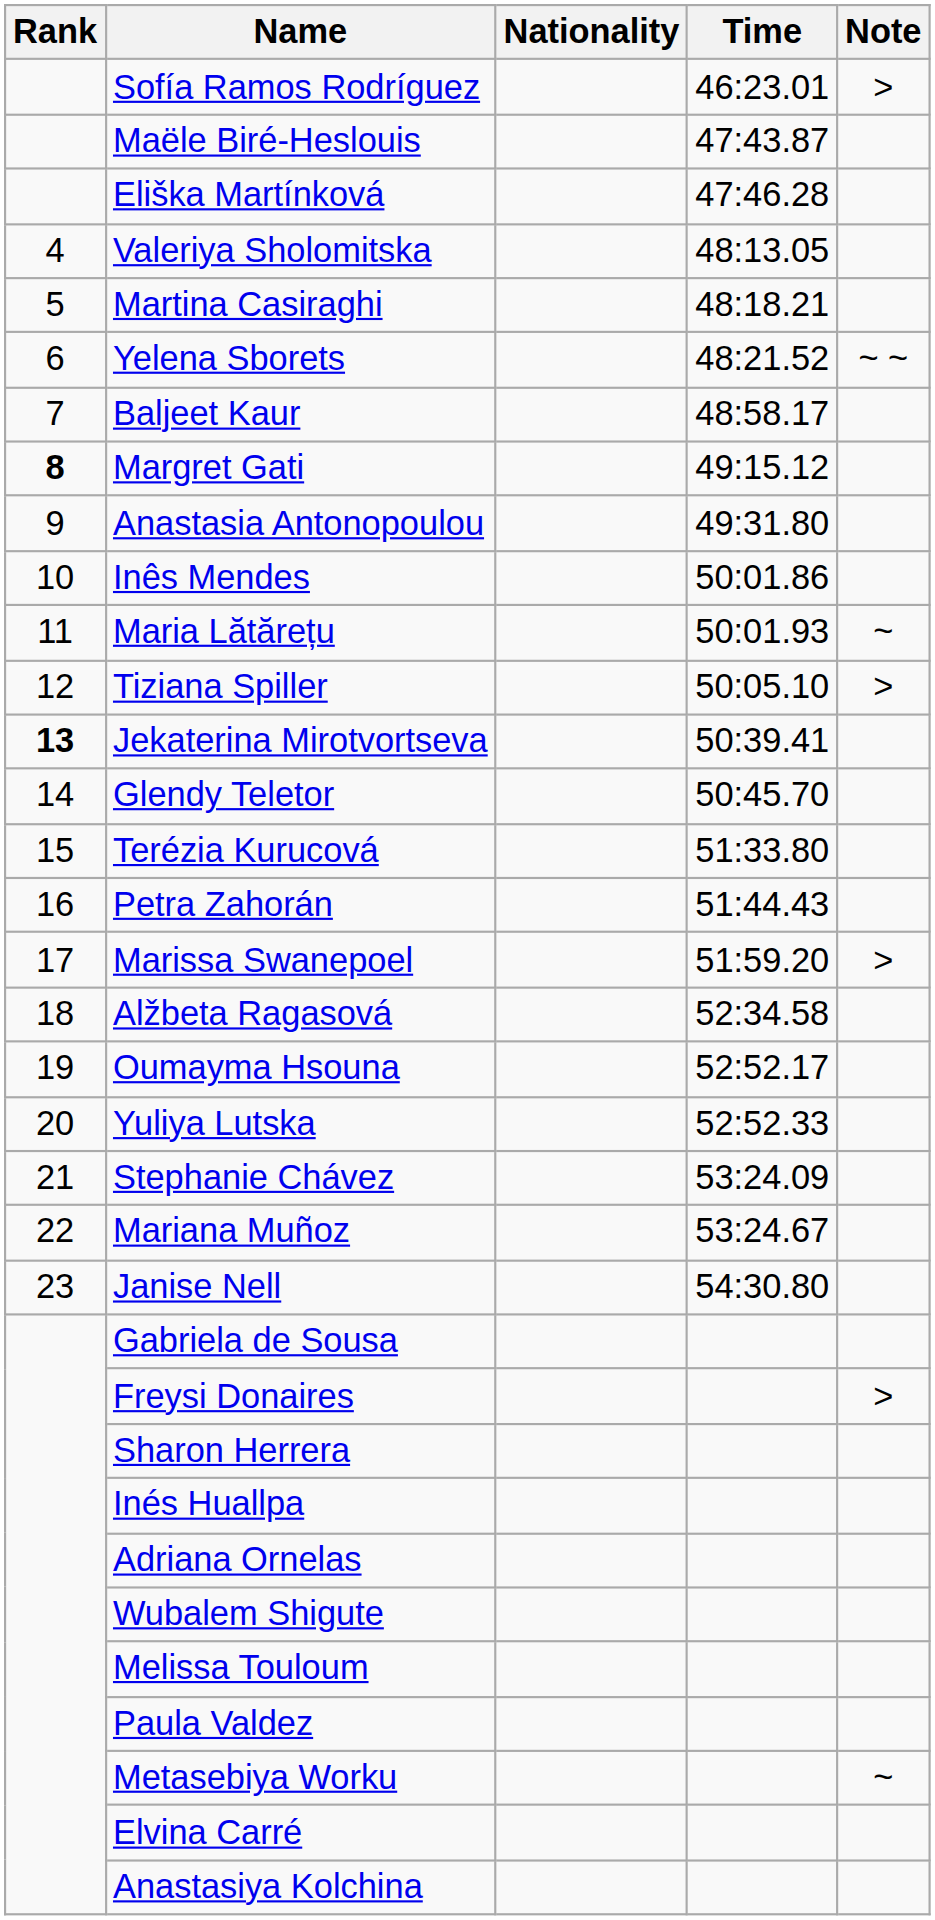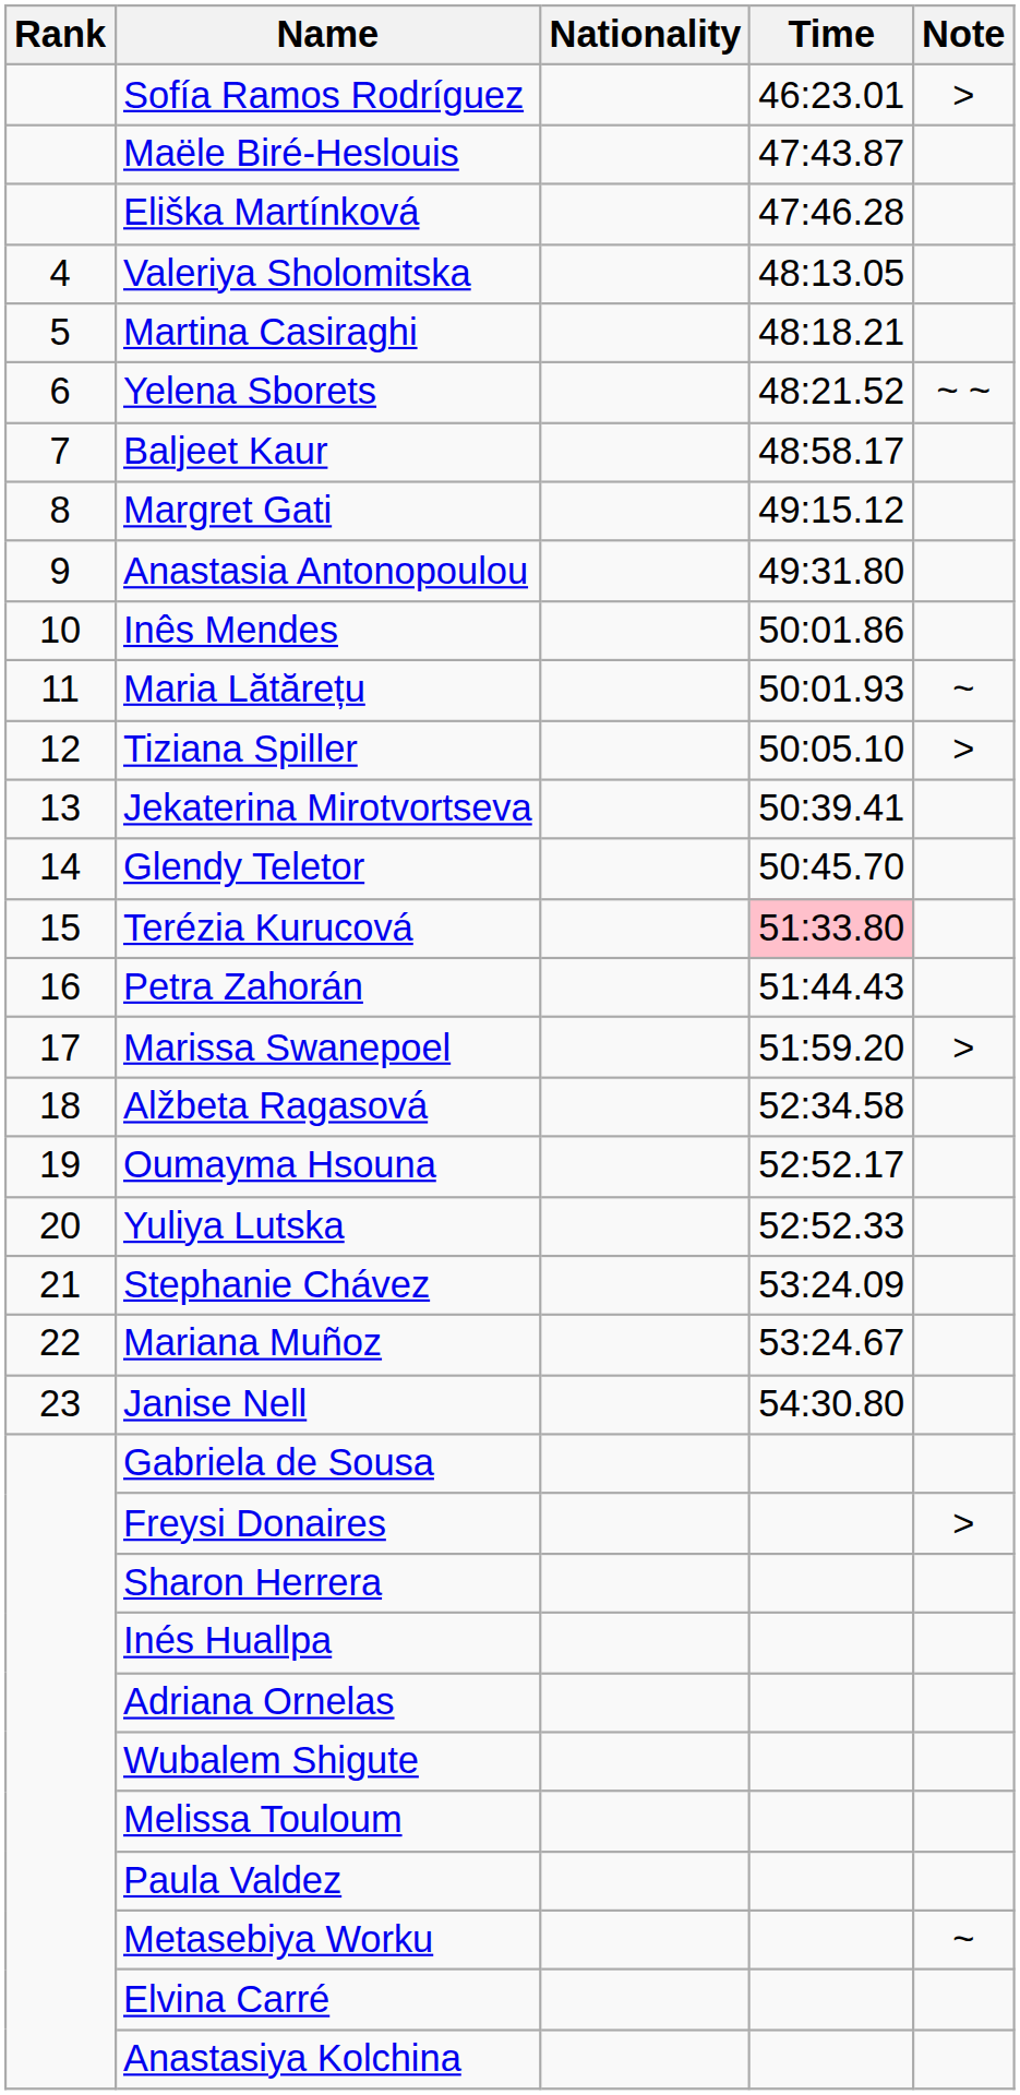 <table class="wikitable sortable" style="text-align:center">
 <tr>
 <th>Rank</th>
 <th>Name</th>
 <th>Nationality</th>
 <th>Time</th>
 <th>Note</th>
 </tr>
 <tr>
 <td></td>
 <td align=left><a href='#'>Sofía Ramos Rodríguez</a></td>
 <td align=left></td>
 <td>46:23.01</td>
 <td>></td>
 </tr>
 <tr>
 <td></td>
 <td align=left><a href='#'>Maële Biré-Heslouis</a></td>
 <td align=left></td>
 <td>47:43.87</td>
 <td></td>
 </tr>
 <tr>
 <td></td>
 <td align=left><a href='#'>Eliška Martínková</a></td>
 <td align=left></td>
 <td>47:46.28</td>
 <td></td>
 </tr>
 <tr>
 <td>4</td>
 <td align=left><a href='#'>Valeriya Sholomitska</a></td>
 <td align=left></td>
 <td>48:13.05</td>
 <td></td>
 </tr>
 <tr>
 <td>5</td>
 <td align=left><a href='#'>Martina Casiraghi</a></td>
 <td align=left></td>
 <td>48:18.21</td>
 <td></td>
 </tr>
 <tr>
 <td>6</td>
 <td align=left><a href='#'>Yelena Sborets</a></td>
 <td align=left></td>
 <td>48:21.52</td>
 <td>~ ~ </td>
 </tr>
 <tr>
 <td>7</td>
 <td align=left><a href='#'>Baljeet Kaur</a></td>
 <td align=left></td>
 <td>48:58.17</td>
 <td></td>
 </tr>
 <tr>
-<td><strong>8</strong></td>
+<td>8</td>
 <td align=left><a href='#'>Margret Gati</a></td>
 <td align=left></td>
 <td>49:15.12</td>
 <td></td>
 </tr>
 <tr>
 <td>9</td>
 <td align=left><a href='#'>Anastasia Antonopoulou</a></td>
 <td align=left></td>
 <td>49:31.80</td>
 <td></td>
 </tr>
 <tr>
 <td>10</td>
 <td align=left><a href='#'>Inês Mendes</a></td>
 <td align=left></td>
 <td>50:01.86</td>
 <td></td>
 </tr>
 <tr>
 <td>11</td>
 <td align=left><a href='#'>Maria Lătărețu</a></td>
 <td align=left></td>
 <td>50:01.93</td>
 <td>~</td>
 </tr>
 <tr>
 <td>12</td>
 <td align=left><a href='#'>Tiziana Spiller</a></td>
 <td align=left></td>
 <td>50:05.10</td>
 <td>></td>
 </tr>
 <tr>
-<td><strong>13</strong></td>
+<td>13</td>
 <td align=left><a href='#'>Jekaterina Mirotvortseva</a></td>
 <td align=left></td>
 <td>50:39.41</td>
 <td></td>
 </tr>
 <tr>
 <td>14</td>
 <td align=left><a href='#'>Glendy Teletor</a></td>
 <td align=left></td>
 <td>50:45.70</td>
 <td></td>
 </tr>
 <tr>
 <td>15</td>
 <td align=left><a href='#'>Terézia Kurucová</a></td>
 <td align=left></td>
-<td>51:33.80</td>
+<td style="background: pink;">51:33.80</td>
 <td></td>
 </tr>
 <tr>
 <td>16</td>
 <td align=left><a href='#'>Petra Zahorán</a></td>
 <td align=left></td>
 <td>51:44.43</td>
 <td></td>
 </tr>
 <tr>
 <td>17</td>
 <td align=left><a href='#'>Marissa Swanepoel</a></td>
 <td align=left></td>
 <td>51:59.20</td>
 <td>></td>
 </tr>
 <tr>
 <td>18</td>
 <td align=left><a href='#'>Alžbeta Ragasová</a></td>
 <td align=left></td>
 <td>52:34.58</td>
 <td></td>
 </tr>
 <tr>
 <td>19</td>
 <td align=left><a href='#'>Oumayma Hsouna</a></td>
 <td align=left></td>
 <td>52:52.17</td>
 <td></td>
 </tr>
 <tr>
 <td>20</td>
 <td align=left><a href='#'>Yuliya Lutska</a></td>
 <td align=left></td>
 <td>52:52.33</td>
 <td></td>
 </tr>
 <tr>
 <td>21</td>
 <td align=left><a href='#'>Stephanie Chávez</a></td>
 <td align=left></td>
 <td>53:24.09</td>
 <td></td>
 </tr>
 <tr>
 <td>22</td>
 <td align=left><a href='#'>Mariana Muñoz</a></td>
 <td align=left></td>
 <td>53:24.67</td>
 <td></td>
 </tr>
 <tr>
 <td>23</td>
 <td align=left><a href='#'>Janise Nell</a></td>
 <td align=left></td>
 <td>54:30.80</td>
 <td></td>
 </tr>
 <tr>
 <td rowspan=11></td>
 <td align=left><a href='#'>Gabriela de Sousa</a></td>
 <td align=left></td>
 <td></td>
 <td></td>
 </tr>
 <tr>
 <td align=left><a href='#'>Freysi Donaires</a></td>
 <td align=left></td>
 <td></td>
 <td>></td>
 </tr>
 <tr>
 <td align=left><a href='#'>Sharon Herrera</a></td>
 <td align=left></td>
 <td></td>
 <td></td>
 </tr>
 <tr>
 <td align=left><a href='#'>Inés Huallpa</a></td>
 <td align=left></td>
 <td></td>
 <td></td>
 </tr>
 <tr>
 <td align=left><a href='#'>Adriana Ornelas</a></td>
 <td align=left></td>
 <td></td>
 <td></td>
 </tr>
 <tr>
 <td align=left><a href='#'>Wubalem Shigute</a></td>
 <td align=left></td>
 <td></td>
 <td></td>
 </tr>
 <tr>
 <td align=left><a href='#'>Melissa Touloum</a></td>
 <td align=left></td>
 <td></td>
 <td></td>
 </tr>
 <tr>
 <td align=left><a href='#'>Paula Valdez</a></td>
 <td align=left></td>
 <td></td>
 <td></td>
 </tr>
 <tr>
 <td align=left><a href='#'>Metasebiya Worku</a></td>
 <td align=left></td>
 <td></td>
 <td>~</td>
 </tr>
 <tr>
 <td align=left><a href='#'>Elvina Carré</a></td>
 <td align=left></td>
 <td></td>
 <td></td>
 </tr>
 <tr>
 <td align=left><a href='#'>Anastasiya Kolchina</a></td>
 <td align=left></td>
 <td></td>
 <td></td>
 </tr>
 </table>
